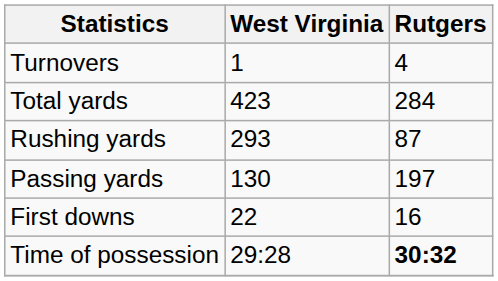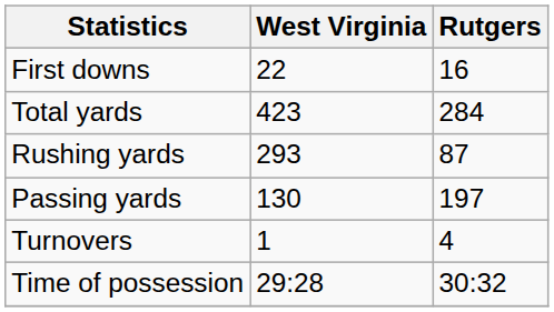 <table class="wikitable" style="float: left;">
 <tr>
 <th>Statistics</th>
 <th>West Virginia</th>
 <th>Rutgers</th>
 </tr>
 <tr>
-<td>Turnovers</td>
-<td>1</td>
-<td>4</td>
+<td>First downs</td>
+<td>22</td>
+<td>16</td>
 </tr>
 <tr>
 <td>Total yards</td>
 <td>423</td>
 <td>284</td>
 </tr>
 <tr>
 <td>Rushing yards</td>
 <td>293</td>
 <td>87</td>
 </tr>
 <tr>
 <td>Passing yards</td>
 <td>130</td>
 <td>197</td>
 </tr>
 <tr>
-<td>First downs</td>
-<td>22</td>
-<td>16</td>
+<td>Turnovers</td>
+<td>1</td>
+<td>4</td>
 </tr>
 <tr>
 <td>Time of possession</td>
 <td>29:28</td>
-<td><strong>30:32</strong></td>
+<td>30:32</td>
 </tr>
 <tr>
 </tr>
 </table>
